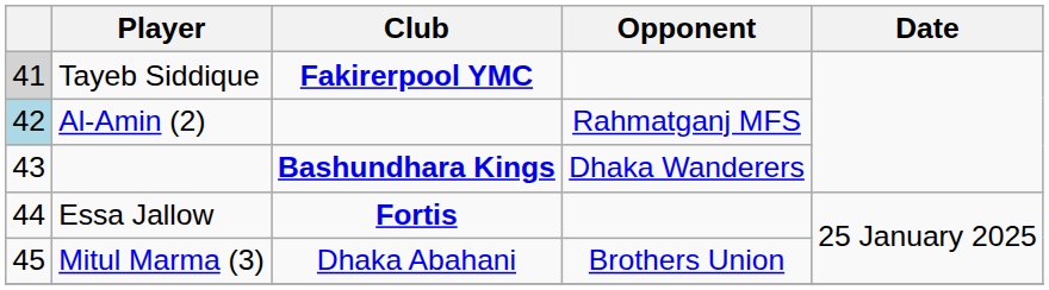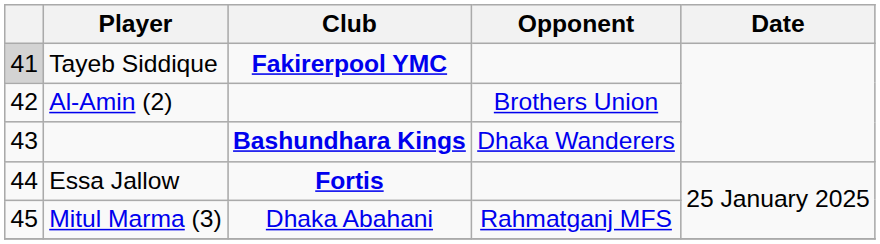 <table class="wikitable" style="text-align:center">
 <tr>
 <th></th>
 <th>Player</th>
 <th>Club</th>
 <th>Opponent</th>
 <th>Date</th>
 </tr>
 <tr>
 <td style="background: lightgrey;">41</td>
 <td align="left"> Tayeb Siddique</td>
 <td><strong><a href='#'>Fakirerpool YMC</a></strong></td>
 <td></td>
 <td rowspan="3"></td>
 </tr>
 <tr>
-<td style="background: lightblue;">42</td>
+<td>42</td>
 <td align="left"> <a href='#'>Al-Amin</a> (2)</td>
 <td></td>
-<td><a href='#'>Rahmatganj MFS</a></td>
+<td><a href='#'>Brothers Union</a></td>
 </tr>
 <tr>
 <td>43</td>
 <td align="left"></td>
 <td><strong><a href='#'>Bashundhara Kings</a></strong></td>
 <td><a href='#'>Dhaka Wanderers</a></td>
 </tr>
 <tr>
 <td>44</td>
 <td align="left"> Essa Jallow</td>
 <td><strong><a href='#'>Fortis</a></strong></td>
 <td></td>
 <td rowspan="2">25 January 2025</td>
 </tr>
 <tr>
 <td>45</td>
 <td align="left"> <a href='#'>Mitul Marma</a> (3)</td>
 <td><a href='#'>Dhaka Abahani</a></td>
-<td><a href='#'>Brothers Union</a></td>
+<td><a href='#'>Rahmatganj MFS</a></td>
 </tr>
 <tr>
 </tr>
 </table>
